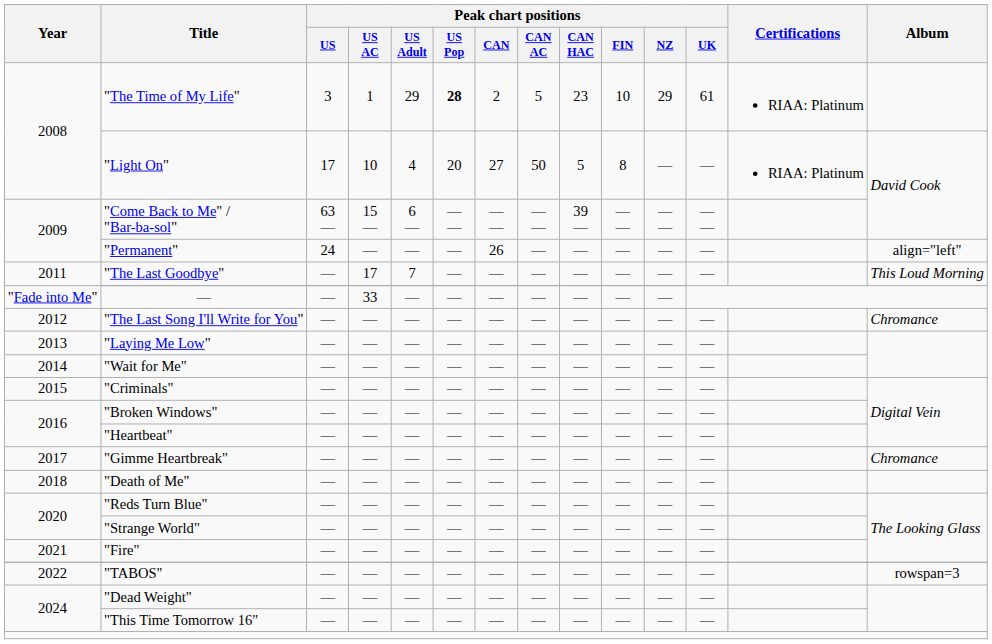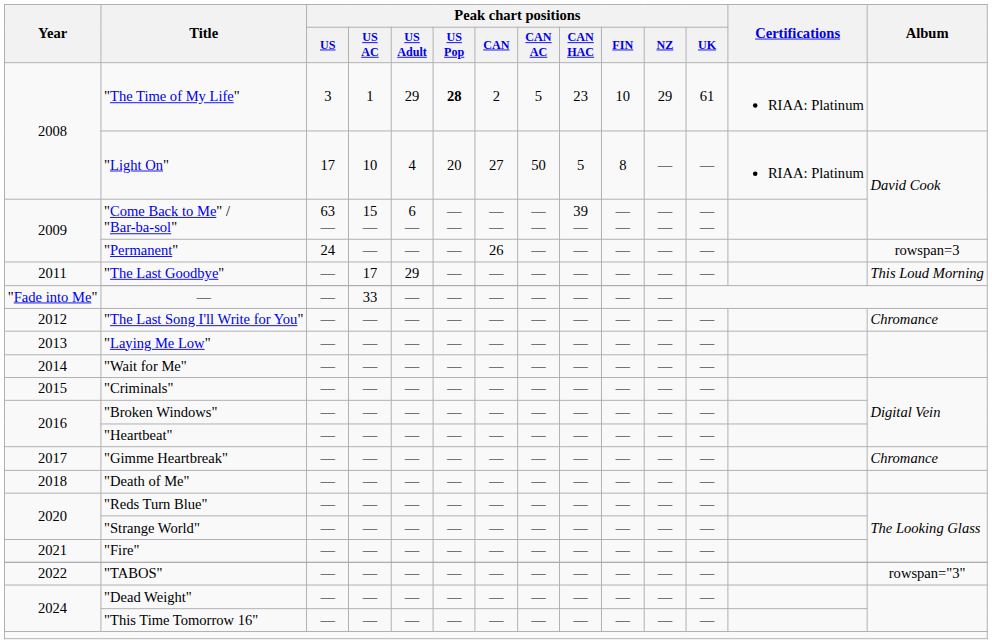 <table class="wikitable" style="text-align:center;">
 <tr>
 <th rowspan="2">Year</th>
 <th rowspan="2">Title</th>
 <th colspan="10">Peak chart positions</th>
 <th rowspan="2"><a href='#'>Certifications</a></th>
 <th rowspan="2">Album</th>
 </tr>
 <tr style="font-size:smaller;">
 <th style="width:3em;"><a href='#'>US</a><br></th>
 <th style="width:3em;"><a href='#'>US<br>AC</a><br></th>
 <th style="width:3em;"><a href='#'>US Adult</a><br></th>
 <th style="width:3em;"><a href='#'>US <br> Pop</a><br></th>
 <th style="width:3em;"><a href='#'>CAN</a><br></th>
 <th style="width:3em;"><a href='#'>CAN AC</a><br></th>
 <th style="width:3em;"><a href='#'>CAN HAC</a><br></th>
 <th style="width:3em;"><a href='#'>FIN</a><br></th>
 <th style="width:3em;"><a href='#'>NZ</a><br></th>
 <th style="width:3em;"><a href='#'>UK</a><br></th>
 </tr>
 <tr>
 <td rowspan="2">2008</td>
 <td align="left">"<a href='#'>The Time of My Life</a>"</td>
 <td>3</td>
 <td>1</td>
 <td>29</td>
 <td><strong>28</strong></td>
 <td>2</td>
 <td>5</td>
 <td>23</td>
 <td>10</td>
 <td>29</td>
 <td>61</td>
 <td align="left"><br><ul><li>RIAA: Platinum</li></ul></td>
 <td></td>
 </tr>
 <tr>
 <td align="left">"<a href='#'>Light On</a>"</td>
 <td>17</td>
 <td>10</td>
 <td>4</td>
 <td>20</td>
 <td>27</td>
 <td>50</td>
 <td>5</td>
 <td>8</td>
 <td>—</td>
 <td>—</td>
 <td align="left"><br><ul><li>RIAA: Platinum</li></ul></td>
 <td rowspan="2" align="left"><em>David Cook</em></td>
 </tr>
 <tr>
 <td rowspan="2">2009</td>
 <td align="left">"<a href='#'>Come Back to Me</a>" /<br>"<a href='#'>Bar-ba-sol</a>"</td>
 <td>63<br>—</td>
 <td>15<br>—</td>
 <td>6<br>—</td>
 <td>—<br>—</td>
 <td>—<br>—</td>
 <td>—<br>—</td>
 <td>39<br>—</td>
 <td>—<br>—</td>
 <td>—<br>—</td>
 <td>—<br>—</td>
 </tr>
 <tr>
 <td align="left">"<a href='#'>Permanent</a>"</td>
 <td>24</td>
 <td>—</td>
 <td>—</td>
 <td>—</td>
 <td>26</td>
 <td>—</td>
 <td>—</td>
 <td>—</td>
 <td>—</td>
 <td>—</td>
 <td></td>
-<td>align="left" </td>
+<td>rowspan=3 </td>
 </tr>
 <tr>
 <td rowspan="2">2011</td>
 <td align="left">"<a href='#'>The Last Goodbye</a>"</td>
 <td>—</td>
 <td>17</td>
-<td>7</td>
+<td>29</td>
 <td>—</td>
 <td>—</td>
 <td>—</td>
 <td>—</td>
 <td>—</td>
 <td>—</td>
 <td>—</td>
 <td></td>
 <td rowspan="2" align="left"><em>This Loud Morning</em></td>
 </tr>
 <tr>
 </tr>
 <tr>
 <td align="left">"<a href='#'>Fade into Me</a>"</td>
 <td>—</td>
 <td>—</td>
 <td>33</td>
 <td>—</td>
 <td>—</td>
 <td>—</td>
 <td>—</td>
 <td>—</td>
 <td>—</td>
 <td>—</td>
 </tr>
 <tr>
 <td>2012</td>
 <td align="left">"<a href='#'>The Last Song I'll Write for You</a>"</td>
 <td>—</td>
 <td>—</td>
 <td>—</td>
 <td>—</td>
 <td>—</td>
 <td>—</td>
 <td>—</td>
 <td>—</td>
 <td>—</td>
 <td>—</td>
 <td></td>
 <td align="left"><em>Chromance</em></td>
 </tr>
 <tr>
 <td>2013</td>
 <td align="left">"<a href='#'>Laying Me Low</a>"</td>
 <td>—</td>
 <td>—</td>
 <td>—</td>
 <td>—</td>
 <td>—</td>
 <td>—</td>
 <td>—</td>
 <td>—</td>
 <td>—</td>
 <td>—</td>
 <td></td>
 </tr>
 <tr>
 <td>2014</td>
 <td align="left">"Wait for Me"</td>
 <td>—</td>
 <td>—</td>
 <td>—</td>
 <td>—</td>
 <td>—</td>
 <td>—</td>
 <td>—</td>
 <td>—</td>
 <td>—</td>
 <td>—</td>
 <td></td>
 </tr>
 <tr>
 <td>2015</td>
 <td align="left">"Criminals"</td>
 <td>—</td>
 <td>—</td>
 <td>—</td>
 <td>—</td>
 <td>—</td>
 <td>—</td>
 <td>—</td>
 <td>—</td>
 <td>—</td>
 <td>—</td>
 <td></td>
 <td rowspan="3" align="left"><em>Digital Vein</em></td>
 </tr>
 <tr>
 <td rowspan="2">2016</td>
 <td align="left">"Broken Windows"</td>
 <td>—</td>
 <td>—</td>
 <td>—</td>
 <td>—</td>
 <td>—</td>
 <td>—</td>
 <td>—</td>
 <td>—</td>
 <td>—</td>
 <td>—</td>
 <td></td>
 </tr>
 <tr>
 <td align="left">"Heartbeat"</td>
 <td>—</td>
 <td>—</td>
 <td>—</td>
 <td>—</td>
 <td>—</td>
 <td>—</td>
 <td>—</td>
 <td>—</td>
 <td>—</td>
 <td>—</td>
 <td></td>
 </tr>
 <tr>
 <td>2017</td>
 <td align="left">"Gimme Heartbreak"</td>
 <td>—</td>
 <td>—</td>
 <td>—</td>
 <td>—</td>
 <td>—</td>
 <td>—</td>
 <td>—</td>
 <td>—</td>
 <td>—</td>
 <td>—</td>
 <td></td>
 <td align="left"><em>Chromance</em></td>
 </tr>
 <tr>
 <td>2018</td>
 <td align="left">"Death of Me"</td>
 <td>—</td>
 <td>—</td>
 <td>—</td>
 <td>—</td>
 <td>—</td>
 <td>—</td>
 <td>—</td>
 <td>—</td>
 <td>—</td>
 <td>—</td>
 <td></td>
 <td></td>
 </tr>
 <tr>
 <td rowspan="2">2020</td>
 <td align="left">"Reds Turn Blue"</td>
 <td>—</td>
 <td>—</td>
 <td>—</td>
 <td>—</td>
 <td>—</td>
 <td>—</td>
 <td>—</td>
 <td>—</td>
 <td>—</td>
 <td>—</td>
 <td></td>
 <td rowspan="3" align="left"><em>The Looking Glass</em></td>
 </tr>
 <tr>
 <td align="left">"Strange World"</td>
 <td>—</td>
 <td>—</td>
 <td>—</td>
 <td>—</td>
 <td>—</td>
 <td>—</td>
 <td>—</td>
 <td>—</td>
 <td>—</td>
 <td>—</td>
 <td></td>
 </tr>
 <tr>
 <td>2021</td>
 <td align="left">"Fire"</td>
 <td>—</td>
 <td>—</td>
 <td>—</td>
 <td>—</td>
 <td>—</td>
 <td>—</td>
 <td>—</td>
 <td>—</td>
 <td>—</td>
 <td>—</td>
 <td></td>
 </tr>
 <tr>
 </tr>
 <tr>
 <td>2022</td>
 <td align="left">"TABOS"</td>
 <td>—</td>
 <td>—</td>
 <td>—</td>
 <td>—</td>
 <td>—</td>
 <td>—</td>
 <td>—</td>
 <td>—</td>
 <td>—</td>
 <td>—</td>
 <td></td>
-<td>rowspan=3 </td>
+<td>rowspan="3" </td>
 </tr>
 <tr>
 <td rowspan=2>2024</td>
 <td align="left">"Dead Weight"</td>
 <td>—</td>
 <td>—</td>
 <td>—</td>
 <td>—</td>
 <td>—</td>
 <td>—</td>
 <td>—</td>
 <td>—</td>
 <td>—</td>
 <td>—</td>
 <td></td>
 </tr>
 <tr>
 <td align="left">"This Time Tomorrow 16"</td>
 <td>—</td>
 <td>—</td>
 <td>—</td>
 <td>—</td>
 <td>—</td>
 <td>—</td>
 <td>—</td>
 <td>—</td>
 <td>—</td>
 <td>—</td>
 <td></td>
 </tr>
 <tr>
 <td colspan="15"></td>
 </tr>
 </table>
